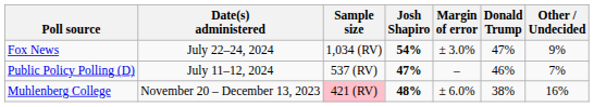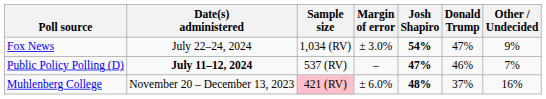 <table class="wikitable sortable mw-datatable" style="font-size:90%;text-align:center;line-height:17px">
 <tr valign=bottom>
 <th>Poll source</th>
 <th>Date(s)<br>administered</th>
 <th>Sample<br>size</th>
+<th>Margin<br>of error</th>
 <th class="unsortable">Josh<br>Shapiro<br></th>
-<th>Margin<br>of error</th>
 <th class="unsortable">Donald<br>Trump<br></th>
 <th class="unsortable">Other /<br>Undecided</th>
 </tr>
 <tr>
 <td style="text-align:left;"><a href='#'>Fox News</a></td>
 <td data-sort-value="2024-07-26">July 22–24, 2024</td>
 <td>1,034 (RV)</td>
+<td>± 3.0%</td>
 <td style="color:black;background-color:"><strong>54%</strong></td>
-<td>± 3.0%</td>
 <td>47%</td>
 <td>9%</td>
 </tr>
 <tr>
 <td style="text-align:left;"><a href='#'>Public Policy Polling (D)</a></td>
-<td data-sort-value="2024-07-22">July 11–12, 2024</td>
+<td data-sort-value="2024-07-22"><strong>July 11–12, 2024</strong></td>
 <td>537 (RV)</td>
+<td>–</td>
 <td style="color:black;background-color:"><strong>47%</strong></td>
-<td>–</td>
 <td>46%</td>
 <td>7%</td>
 </tr>
 <tr>
 <td style="text-align:left;"><a href='#'>Muhlenberg College</a></td>
 <td data-sort-value="2023-12-19">November 20 – December 13, 2023</td>
 <td style="background: pink;">421 (RV)</td>
+<td>± 6.0%</td>
 <td style="color:black;background-color:"><strong>48%</strong></td>
-<td>± 6.0%</td>
-<td>38%</td>
+<td>37%</td>
 <td>16%</td>
 </tr>
 </table>
